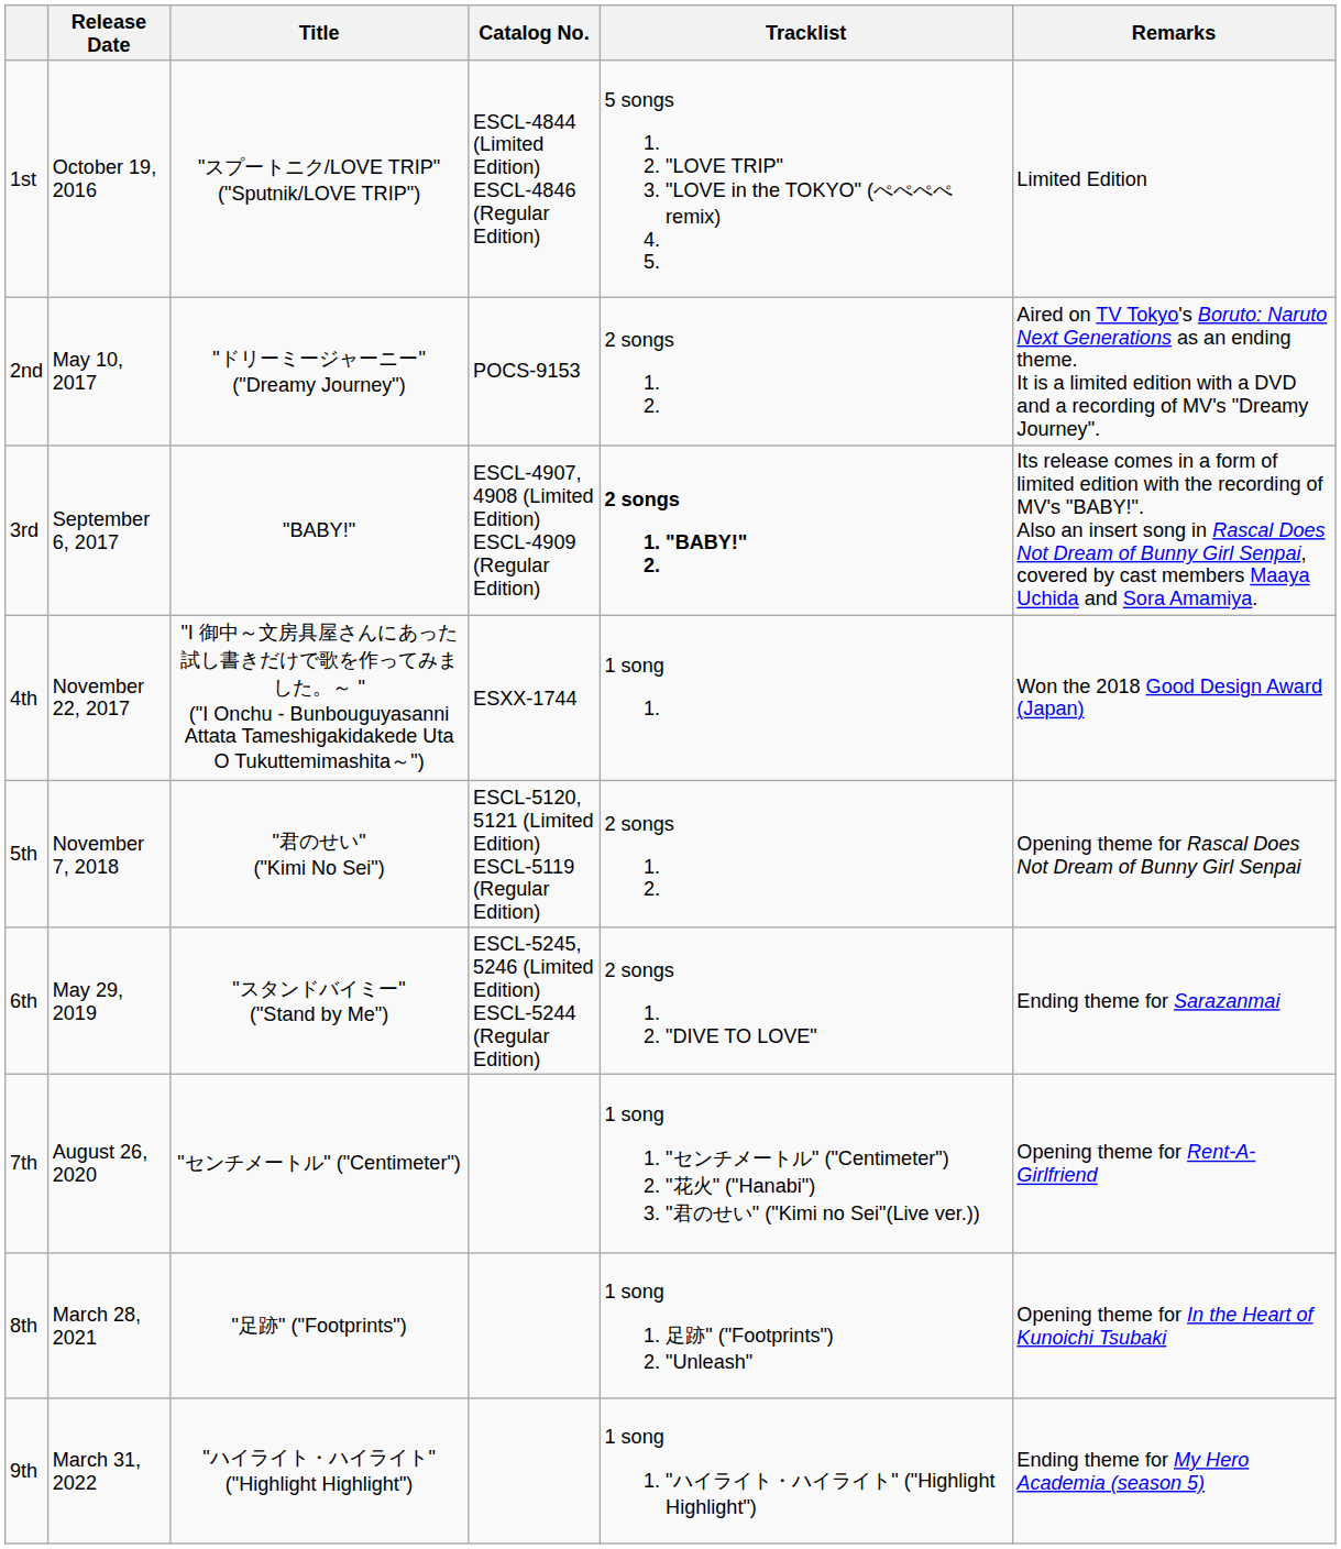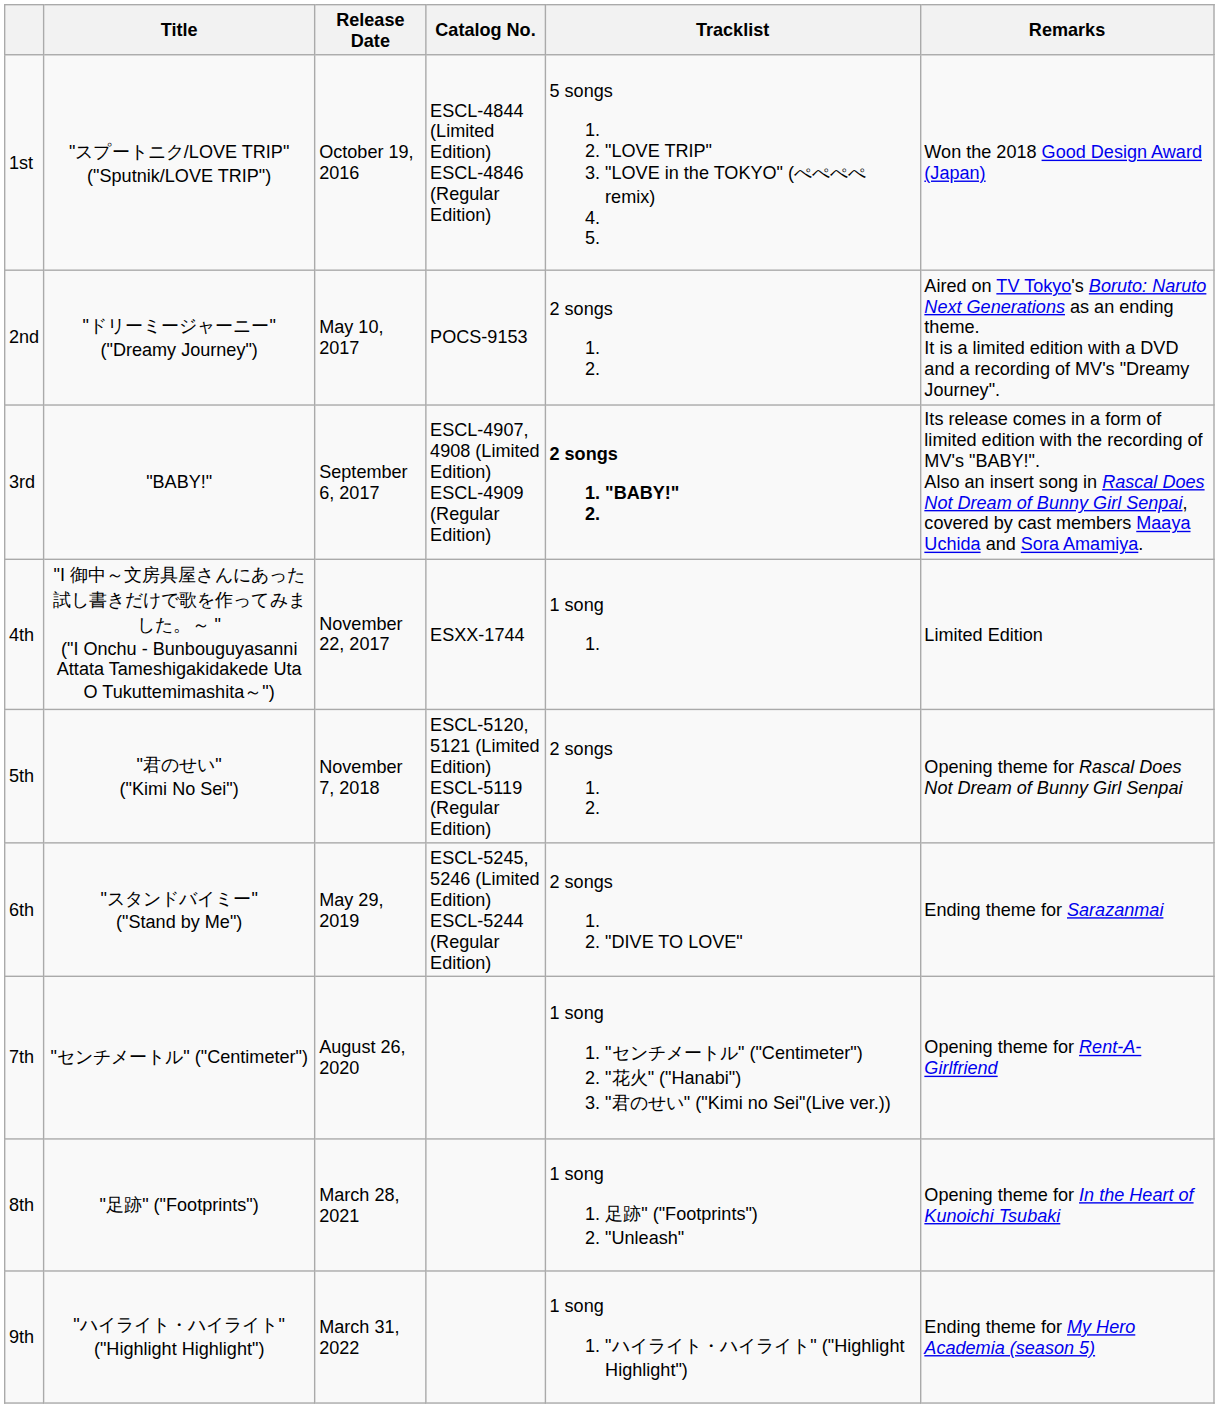 <table class="wikitable" style=font-size:small>
 <tr>
 <th> </th>
+<th>Title</th>
 <th>Release Date</th>
-<th>Title</th>
 <th>Catalog No.</th>
 <th style="width:31%">Tracklist</th>
 <th>Remarks</th>
 </tr>
 <tr>
 <td>1st</td>
+<td style="text-align:center;">"スプートニク/LOVE TRIP"<br>("Sputnik/LOVE TRIP")</td>
 <td>October 19, 2016</td>
-<td style="text-align:center;">"スプートニク/LOVE TRIP"<br>("Sputnik/LOVE TRIP")</td>
 <td>ESCL-4844 (Limited Edition)<br>ESCL-4846 (Regular Edition)</td>
 <td><br>5 songs<ol><li></li><li>"LOVE TRIP"</li><li>"LOVE in the TOKYO" (ぺぺぺぺ remix)</li><li></li><li></li></ol></td>
-<td>Limited Edition</td>
+<td>Won the 2018 <a href='#'>Good Design Award (Japan)</a></td>
 </tr>
 <tr>
 <td>2nd</td>
+<td style="text-align:center;">"ドリーミージャーニー"<br>("Dreamy Journey")</td>
 <td>May 10, 2017</td>
-<td style="text-align:center;">"ドリーミージャーニー"<br>("Dreamy Journey")</td>
 <td>POCS-9153</td>
 <td><br>2 songs<ol><li></li><li></li></ol></td>
 <td>Aired on <a href='#'>TV Tokyo</a>'s <em><a href='#'>Boruto: Naruto Next Generations</a></em> as an ending theme.<br> It is a limited edition with a DVD and a recording of MV's "Dreamy Journey".</td>
 </tr>
 <tr>
 <td>3rd</td>
+<td style="text-align:center;">"BABY!"</td>
 <td>September 6, 2017</td>
-<td style="text-align:center;">"BABY!"</td>
 <td>ESCL-4907, 4908 (Limited Edition)<br>ESCL-4909 (Regular Edition)</td>
 <td><strong><br>2 songs<ol><li>"BABY!"</li><li></li></ol></strong></td>
 <td>Its release comes in a form of limited edition with the recording of MV's "BABY!". <br>Also an insert song in <em><a href='#'>Rascal Does Not Dream of Bunny Girl Senpai</a></em>, covered by cast members <a href='#'>Maaya Uchida</a> and <a href='#'>Sora Amamiya</a>.</td>
 </tr>
 <tr>
 <td>4th</td>
+<td style="text-align:center;">"I 御中～文房具屋さんにあった試し書きだけで歌を作ってみました。～ "<br>("I Onchu - Bunbouguyasanni Attata Tameshigakidakede Uta O Tukuttemimashita～")</td>
 <td>November 22, 2017</td>
-<td style="text-align:center;">"I 御中～文房具屋さんにあった試し書きだけで歌を作ってみました。～ "<br>("I Onchu - Bunbouguyasanni Attata Tameshigakidakede Uta O Tukuttemimashita～")</td>
 <td>ESXX-1744</td>
 <td>1 song<br><ol><li></li></ol></td>
-<td>Won the 2018 <a href='#'>Good Design Award (Japan)</a></td>
+<td>Limited Edition</td>
 </tr>
 <tr>
 <td>5th</td>
+<td style="text-align:center;">"君のせい"<br>("Kimi No Sei")</td>
 <td>November 7, 2018</td>
-<td style="text-align:center;">"君のせい"<br>("Kimi No Sei")</td>
 <td>ESCL-5120, 5121 (Limited Edition)<br>ESCL-5119 (Regular Edition)<br></td>
 <td><br>2 songs<ol><li></li><li></li></ol></td>
 <td>Opening theme for <em>Rascal Does Not Dream of Bunny Girl Senpai</em></td>
 </tr>
 <tr>
 <td>6th</td>
+<td style="text-align:center;">"スタンドバイミー"<br>("Stand by Me")</td>
 <td>May 29, 2019</td>
-<td style="text-align:center;">"スタンドバイミー"<br>("Stand by Me")</td>
 <td>ESCL-5245, 5246 (Limited Edition)<br>ESCL-5244 (Regular Edition)<br></td>
 <td><br>2 songs<ol><li></li><li>"DIVE TO LOVE"</li></ol></td>
 <td>Ending theme for <em><a href='#'>Sarazanmai</a></em></td>
 </tr>
 <tr>
 <td>7th</td>
+<td style="text-align:center;">"センチメートル" ("Centimeter")</td>
 <td>August 26, 2020</td>
-<td style="text-align:center;">"センチメートル" ("Centimeter")</td>
 <td></td>
 <td><br>1 song<ol><li>"センチメートル" ("Centimeter")</li><li>"花火" ("Hanabi")</li><li>"君のせい" ("Kimi no Sei"(Live ver.))</li></ol></td>
 <td>Opening theme for <em><a href='#'>Rent-A-Girlfriend</a></em></td>
 </tr>
 <tr>
 <td>8th</td>
+<td style="text-align:center;">"足跡" ("Footprints")</td>
 <td>March 28, 2021</td>
-<td style="text-align:center;">"足跡" ("Footprints")</td>
 <td></td>
 <td><br>1 song<ol><li>足跡" ("Footprints")</li><li>"Unleash"</li></ol></td>
 <td>Opening theme for <em><a href='#'>In the Heart of Kunoichi Tsubaki</a></em></td>
 </tr>
 <tr>
 <td>9th</td>
+<td style="text-align:center;">"ハイライト・ハイライト" ("Highlight Highlight")</td>
 <td>March 31, 2022</td>
-<td style="text-align:center;">"ハイライト・ハイライト" ("Highlight Highlight")</td>
 <td></td>
 <td><br>1 song<ol><li>"ハイライト・ハイライト" ("Highlight Highlight")</li></ol></td>
 <td>Ending theme for <em><a href='#'>My Hero Academia (season 5)</a></em></td>
 </tr>
 </table>
